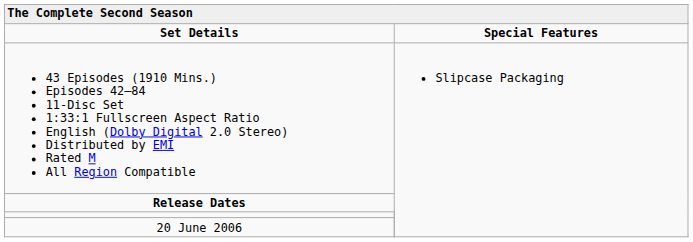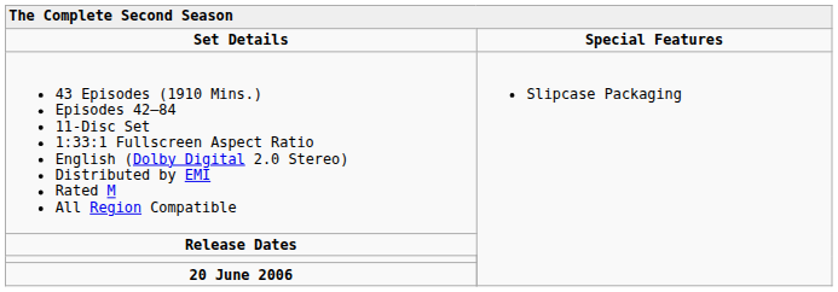 <table class="wikitable" style="font-size: 95%;">
 <tr style="background:#EFEFEF">
 <td colspan="5"><strong>The Complete Second Season</strong></td>
 </tr>
 <tr>
 <td align="center" width="350" colspan="3"><strong>Set Details</strong></td>
 <td width="250" align="center"><strong>Special Features</strong></td>
 </tr>
 <tr valign="top">
 <td colspan="3" align="left" width="400"><br><ul><li>43 Episodes (1910 Mins.)</li><li>Episodes 42–84</li><li>11-Disc Set</li><li>1:33:1 Fullscreen Aspect Ratio</li><li>English (<a href='#'>Dolby Digital</a> 2.0 Stereo)</li><li>Distributed by <a href='#'>EMI</a></li><li>Rated <a href='#'>M</a></li><li>All <a href='#'>Region</a> Compatible</li></ul></td>
 <td rowspan="4" align="left" width="300"><br><ul><li>Slipcase Packaging</li></ul></td>
 </tr>
 <tr>
 <td colspan="3" align="center"><strong>Release Dates</strong></td>
 </tr>
 <tr>
 <td align="center"></td>
 </tr>
 <tr>
-<td align="center">20 June 2006</td>
+<td align="center"><strong>20 June 2006</strong></td>
 </tr>
 </table>
